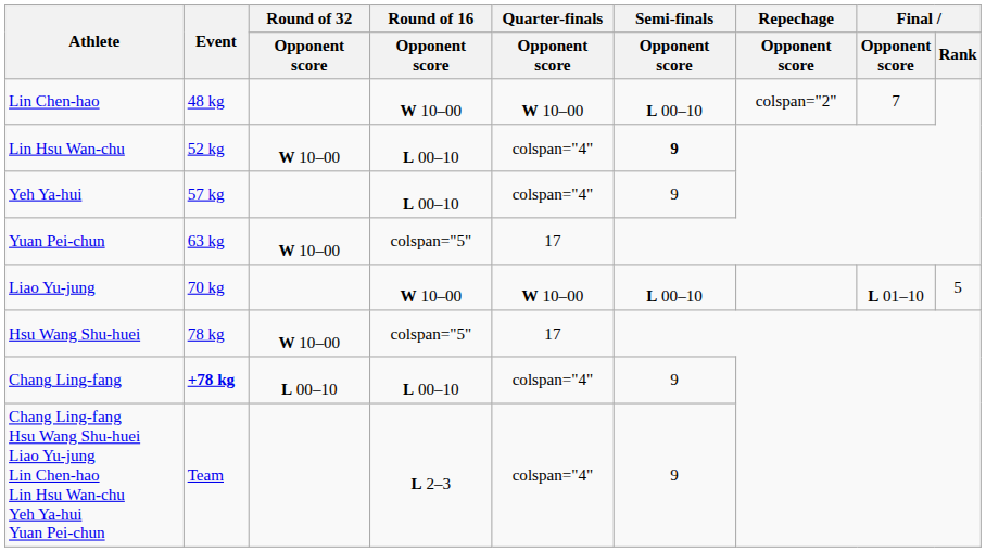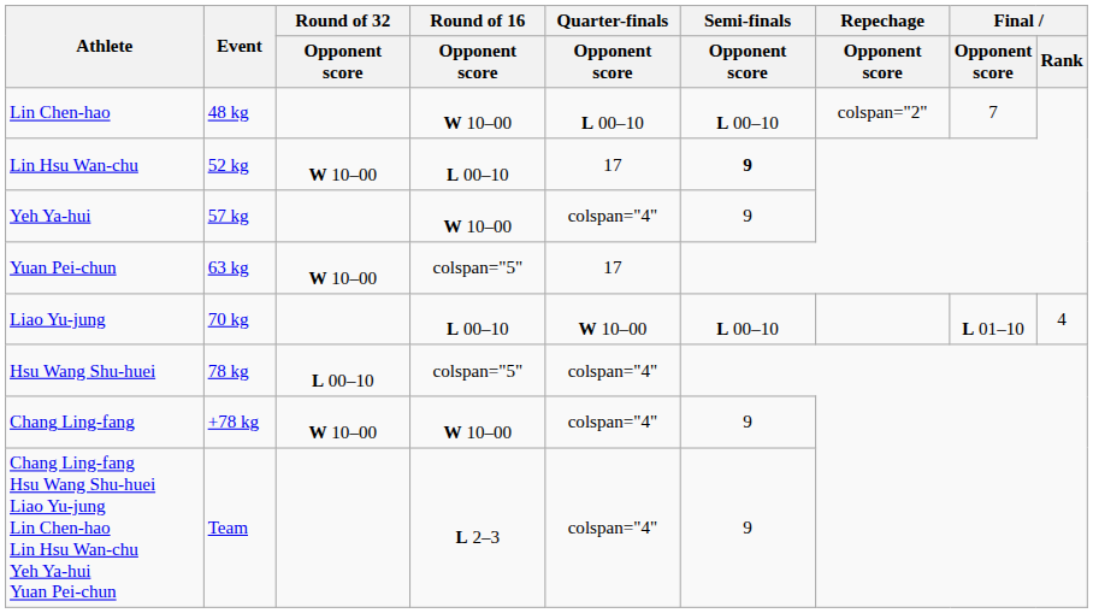 <table class="wikitable" style="font-size:90%; text-align:center">
 <tr>
 <th rowspan="2" width="150">Athlete</th>
 <th rowspan="2" width="50">Event</th>
 <th width="100">Round of 32</th>
 <th width="100">Round of 16</th>
 <th width="100">Quarter-finals</th>
 <th width="100">Semi-finals</th>
 <th width="100">Repechage</th>
 <th colspan="2" width="100">Final / </th>
 </tr>
 <tr>
 <th>Opponent<br>score</th>
 <th>Opponent<br>score</th>
 <th>Opponent<br>score</th>
 <th>Opponent<br>score</th>
 <th>Opponent<br>score</th>
 <th>Opponent<br>score</th>
 <th>Rank</th>
 </tr>
 <tr>
 <td align="left"><a href='#'>Lin Chen-hao</a></td>
 <td align="left"><a href='#'>48 kg</a></td>
 <td></td>
 <td><br><strong>W</strong> 10–00</td>
-<td><br><strong>W</strong> 10–00</td>
+<td><br><strong>L</strong> 00–10</td>
 <td><br><strong>L</strong> 00–10</td>
 <td>colspan="2" </td>
 <td>7</td>
 </tr>
 <tr>
 <td align="left"><a href='#'>Lin Hsu Wan-chu</a></td>
 <td align="left"><a href='#'>52 kg</a></td>
 <td><br><strong>W</strong> 10–00</td>
 <td><br><strong>L</strong> 00–10</td>
-<td>colspan="4" </td>
+<td>17</td>
 <td><strong>9</strong></td>
 </tr>
 <tr>
 <td align="left"><a href='#'>Yeh Ya-hui</a></td>
 <td align="left"><a href='#'>57 kg</a></td>
 <td></td>
-<td><br><strong>L</strong> 00–10</td>
+<td><br><strong>W</strong> 10–00</td>
 <td>colspan="4" </td>
 <td>9</td>
 </tr>
 <tr>
 <td align="left"><a href='#'>Yuan Pei-chun</a></td>
 <td align="left"><a href='#'>63 kg</a></td>
 <td><br><strong>W</strong> 10–00</td>
 <td>colspan="5" </td>
 <td>17</td>
 </tr>
 <tr>
 <td align="left"><a href='#'>Liao Yu-jung</a></td>
 <td align="left"><a href='#'>70 kg</a></td>
 <td></td>
-<td><br><strong>W</strong> 10–00</td>
+<td><br><strong>L</strong> 00–10</td>
 <td><br><strong>W</strong> 10–00</td>
 <td><br><strong>L</strong> 00–10</td>
 <td></td>
 <td><br><strong>L</strong> 01–10</td>
-<td>5</td>
+<td>4</td>
 </tr>
 <tr>
 <td align="left"><a href='#'>Hsu Wang Shu-huei</a></td>
 <td align="left"><a href='#'>78 kg</a></td>
-<td><br><strong>W</strong> 10–00</td>
+<td><br><strong>L</strong> 00–10</td>
 <td>colspan="5" </td>
-<td>17</td>
+<td>colspan="4" </td>
 </tr>
 <tr>
 <td align="left"><a href='#'>Chang Ling-fang</a></td>
-<td align="left"><strong><a href='#'>+78 kg</a></strong></td>
-<td><br><strong>L</strong> 00–10</td>
-<td><br><strong>L</strong> 00–10</td>
+<td align="left"><a href='#'>+78 kg</a></td>
+<td><br><strong>W</strong> 10–00</td>
+<td><br><strong>W</strong> 10–00</td>
 <td>colspan="4" </td>
 <td>9</td>
 </tr>
 <tr>
 <td align="left"><a href='#'>Chang Ling-fang</a><br><a href='#'>Hsu Wang Shu-huei</a><br><a href='#'>Liao Yu-jung</a><br><a href='#'>Lin Chen-hao</a><br><a href='#'>Lin Hsu Wan-chu</a><br><a href='#'>Yeh Ya-hui</a><br><a href='#'>Yuan Pei-chun</a></td>
 <td align="left"><a href='#'>Team</a></td>
 <td></td>
 <td><br><strong>L</strong> 2–3</td>
 <td>colspan="4" </td>
 <td>9</td>
 </tr>
 </table>
